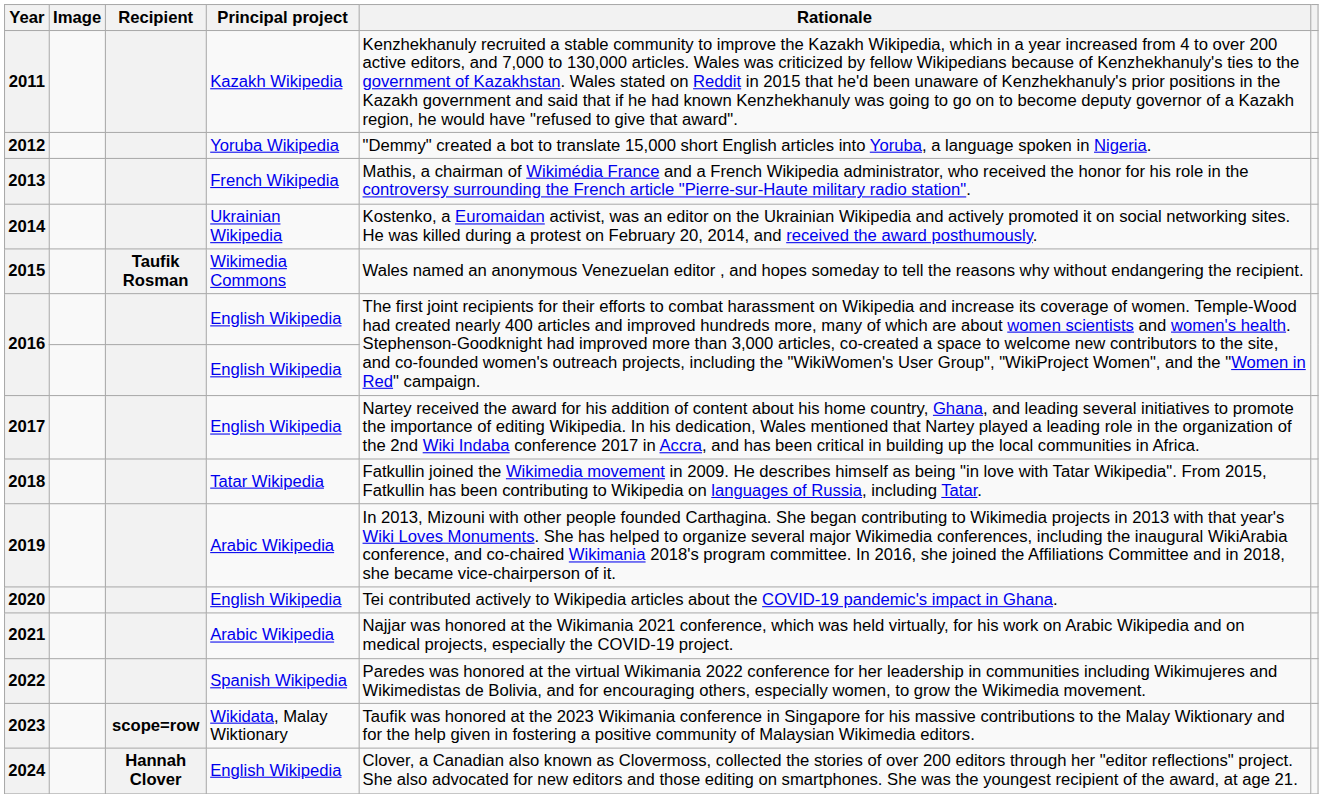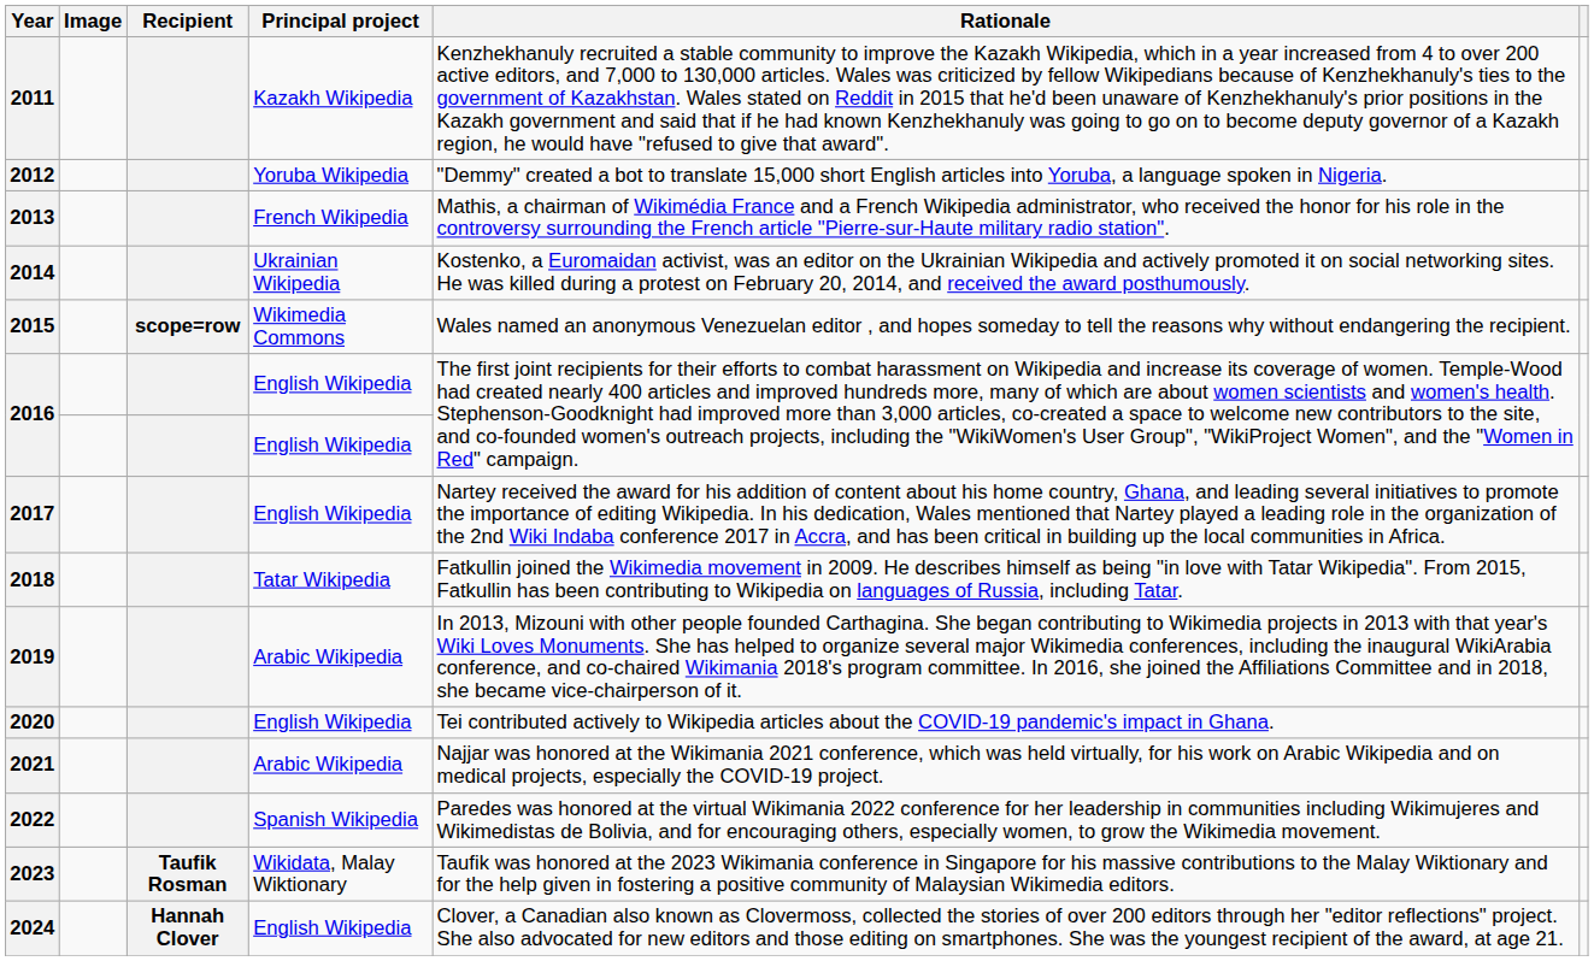 <table class="wikitable sortable plainrowheaders" style="width: 100%;">
 <tr>
 <th scope=col>Year</th>
 <th scope=col class=unsortable>Image</th>
 <th scope=col>Recipient</th>
 <th scope=col>Principal project</th>
 <th scope=col class=unsortable>Rationale</th>
 <th scope=col class=unsortable></th>
 </tr>
 <tr>
 <th>2011</th>
 <td></td>
 <th scope=row></th>
 <td><a href='#'>Kazakh Wikipedia</a></td>
 <td>Kenzhekhanuly recruited a stable community to improve the Kazakh Wikipedia, which in a year increased from 4 to over 200 active editors, and 7,000 to 130,000 articles. Wales was criticized by fellow Wikipedians because of Kenzhekhanuly's ties to the <a href='#'>government of Kazakhstan</a>. Wales stated on <a href='#'>Reddit</a> in 2015 that he'd been unaware of Kenzhekhanuly's prior positions in the Kazakh government and said that if he had known Kenzhekhanuly was going to go on to become deputy governor of a Kazakh region, he would have "refused to give that award".</td>
 <td style="text-align:center;"><br></td>
 </tr>
 <tr>
 <th>2012</th>
 <td></td>
 <th scope=row></th>
 <td><a href='#'>Yoruba Wikipedia</a></td>
 <td>"Demmy" created a bot to translate 15,000 short English articles into <a href='#'>Yoruba</a>, a language spoken in <a href='#'>Nigeria</a>.</td>
 <td style="text-align:center;"></td>
 </tr>
 <tr>
 <th>2013</th>
 <td></td>
 <th scope=row></th>
 <td><a href='#'>French Wikipedia</a></td>
 <td>Mathis, a chairman of <a href='#'>Wikimédia France</a> and a French Wikipedia administrator, who received the honor for his role in the <a href='#'>controversy surrounding the French article "Pierre-sur-Haute military radio station"</a>.</td>
 <td style="text-align:center;"><br></td>
 </tr>
 <tr>
 <th>2014</th>
 <td></td>
 <th scope=row></th>
 <td><a href='#'>Ukrainian Wikipedia</a></td>
 <td>Kostenko, a <a href='#'>Euromaidan</a> activist, was an editor on the Ukrainian Wikipedia and actively promoted it on social networking sites. He was killed during a protest on February 20, 2014, and <a href='#'>received the award posthumously</a>.</td>
 <td style="text-align:center;"><br></td>
 </tr>
 <tr>
 <th>2015</th>
 <td></td>
-<th scope=row>Taufik Rosman</th>
+<th>scope=row </th>
 <td><a href='#'>Wikimedia Commons</a></td>
 <td>Wales named an anonymous Venezuelan editor , and hopes someday to tell the reasons why without endangering the recipient.</td>
 <td style="text-align:center;"></td>
 </tr>
 <tr>
 <th rowspan="2">2016</th>
 <td></td>
 <th scope=row></th>
 <td><a href='#'>English Wikipedia</a></td>
 <td rowspan=2>The first joint recipients for their efforts to combat harassment on Wikipedia and increase its coverage of women. Temple-Wood had created nearly 400 articles and improved hundreds more, many of which are about <a href='#'>women scientists</a> and <a href='#'>women's health</a>. Stephenson-Goodknight had improved more than 3,000 articles, co-created a space to welcome new contributors to the site, and co-founded women's outreach projects, including the "WikiWomen's User Group", "WikiProject Women", and the "<a href='#'>Women in Red</a>" campaign.</td>
 <td rowspan="2" style="text-align:center;"><br><br><br></td>
 </tr>
 <tr>
 <td></td>
 <th scope=row></th>
 <td><a href='#'>English Wikipedia</a></td>
 </tr>
 <tr>
 <th>2017</th>
 <td></td>
 <th scope=row></th>
 <td><a href='#'>English Wikipedia</a></td>
 <td>Nartey received the award for his addition of content about his home country, <a href='#'>Ghana</a>, and leading several initiatives to promote the importance of editing Wikipedia. In his dedication, Wales mentioned that Nartey played a leading role in the organization of the 2nd <a href='#'>Wiki Indaba</a> conference 2017 in <a href='#'>Accra</a>, and has been critical in building up the local communities in Africa.</td>
 <td style="text-align:center;"></td>
 </tr>
 <tr>
 <th>2018</th>
 <td></td>
 <th scope=row></th>
 <td><a href='#'>Tatar Wikipedia</a></td>
 <td>Fatkullin joined the <a href='#'>Wikimedia movement</a> in 2009. He describes himself as being "in love with Tatar Wikipedia". From 2015, Fatkullin has been contributing to Wikipedia on <a href='#'>languages of Russia</a>, including <a href='#'>Tatar</a>.</td>
 <td style="text-align:center;"></td>
 </tr>
 <tr>
 <th>2019</th>
 <td></td>
 <th scope=row></th>
 <td><a href='#'>Arabic Wikipedia</a></td>
 <td>In 2013, Mizouni with other people founded Carthagina. She began contributing to Wikimedia projects in 2013 with that year's <a href='#'>Wiki Loves Monuments</a>. She has helped to organize several major Wikimedia conferences, including the inaugural WikiArabia conference, and co-chaired <a href='#'>Wikimania</a> 2018's program committee. In 2016, she joined the Affiliations Committee and in 2018, she became vice-chairperson of it.</td>
 <td style="text-align:center;"></td>
 </tr>
 <tr>
 <th>2020</th>
 <td></td>
 <th scope=row></th>
 <td><a href='#'>English Wikipedia</a></td>
 <td>Tei contributed actively to Wikipedia articles about the <a href='#'>COVID-19 pandemic's impact in Ghana</a>.</td>
 <td style="text-align:center;"></td>
 </tr>
 <tr>
 <th>2021</th>
 <td></td>
 <th scope=row></th>
 <td><a href='#'>Arabic Wikipedia</a></td>
 <td>Najjar was honored at the Wikimania 2021 conference, which was held virtually, for his work on Arabic Wikipedia and on medical projects, especially the COVID-19 project.</td>
 <td style="text-align:center;"></td>
 </tr>
 <tr>
 <th>2022</th>
 <td></td>
 <th scope=row></th>
 <td><a href='#'>Spanish Wikipedia</a></td>
 <td>Paredes was honored at the virtual Wikimania 2022 conference for her leadership in communities including Wikimujeres and Wikimedistas de Bolivia, and for encouraging others, especially women, to grow the Wikimedia movement.</td>
 <td style="text-align:center;"></td>
 </tr>
 <tr id="TaufikRosman">
 <th>2023</th>
 <td></td>
-<th>scope=row </th>
+<th scope=row>Taufik Rosman</th>
 <td><a href='#'>Wikidata</a>, Malay Wiktionary</td>
 <td>Taufik was honored at the 2023 Wikimania conference in Singapore for his massive contributions to the Malay Wiktionary and for the help given in fostering a positive community of Malaysian Wikimedia editors.</td>
 <td style="text-align:center;"></td>
 </tr>
 <tr id="Clover">
 <th>2024</th>
 <td></td>
 <th scope=row>Hannah Clover</th>
 <td><a href='#'>English Wikipedia</a></td>
 <td>Clover, a Canadian also known as Clovermoss, collected the stories of over 200 editors through her "editor reflections" project. She also advocated for new editors and those editing on smartphones. She was the youngest recipient of the award, at age 21.</td>
 <td style="text-align:center;"></td>
 </tr>
 </table>
